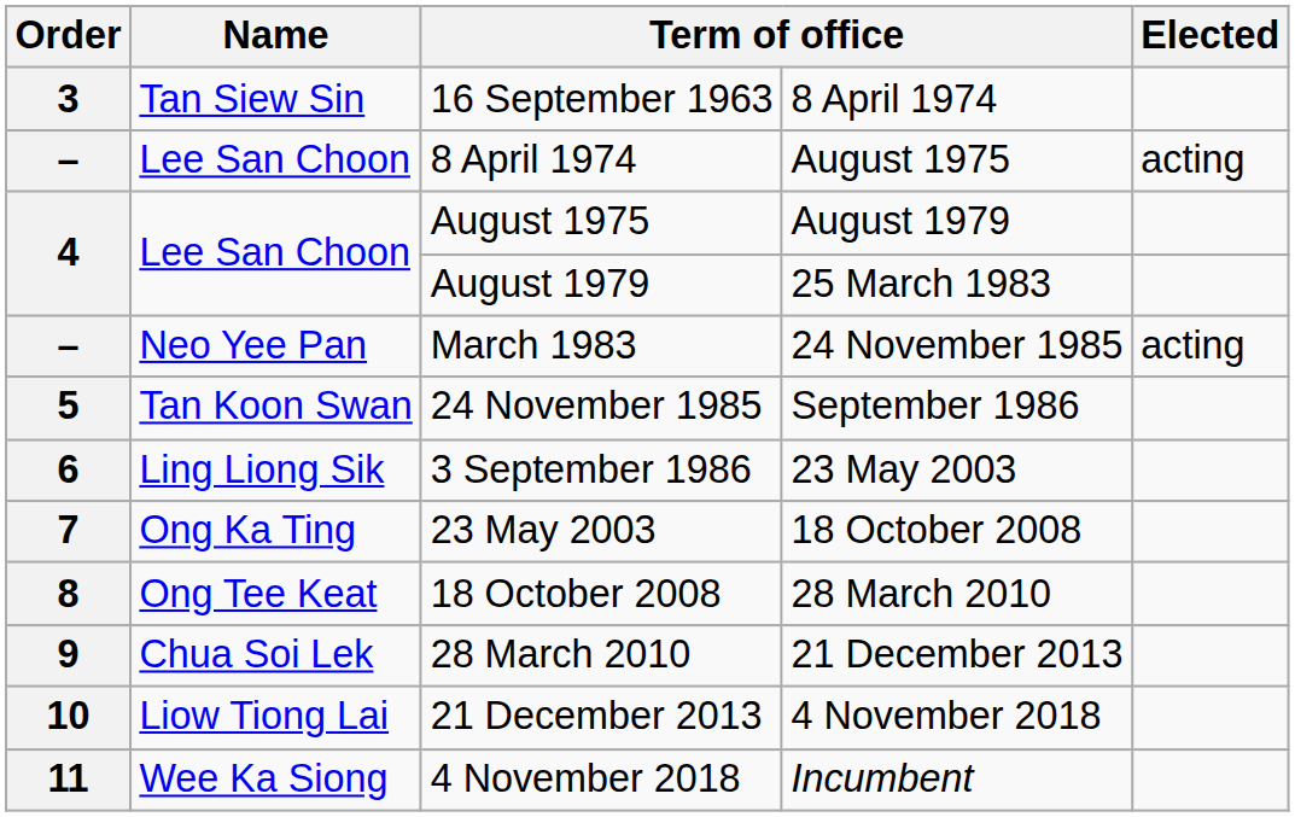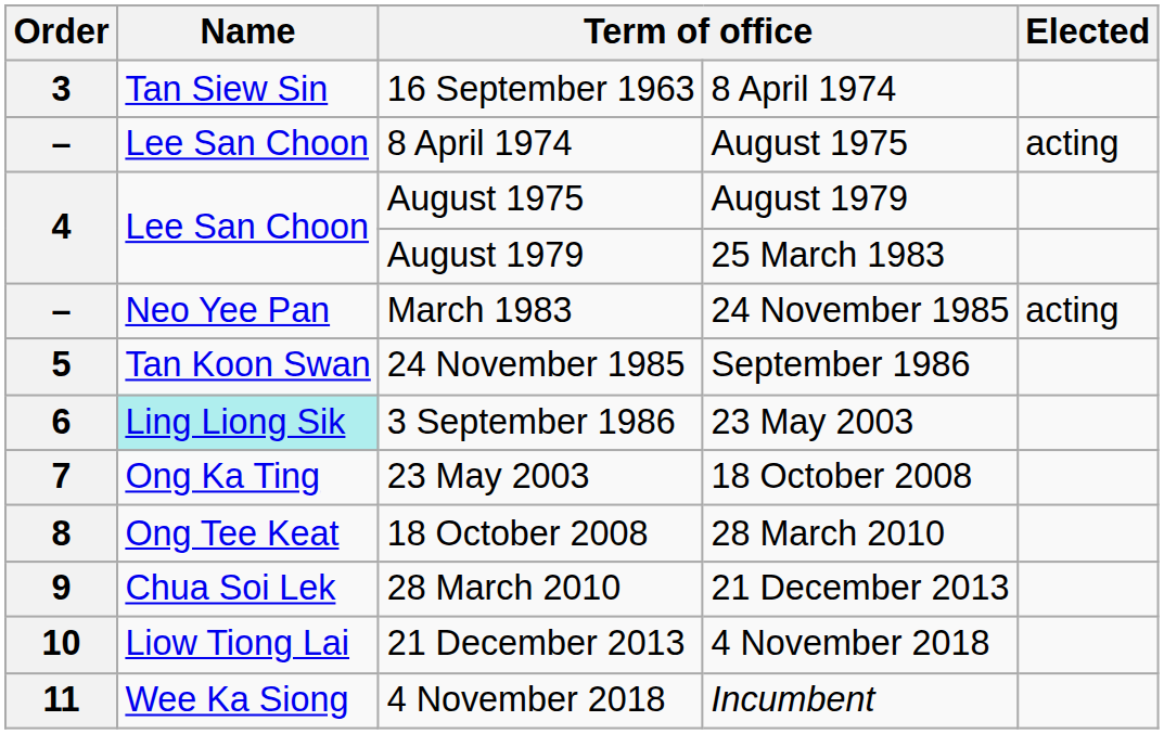 <table class="wikitable">
 <tr>
 <th>Order</th>
 <th>Name</th>
 <th colspan="2">Term of office</th>
 <th>Elected</th>
 </tr>
 <tr>
 <th>3</th>
 <td><a href='#'>Tan Siew Sin</a></td>
 <td>16 September 1963</td>
 <td>8 April 1974</td>
 <td></td>
 </tr>
 <tr>
 <th>–</th>
 <td><a href='#'>Lee San Choon</a></td>
 <td>8 April 1974</td>
 <td>August 1975</td>
 <td>acting</td>
 </tr>
 <tr>
 <th rowspan=2>4</th>
 <td rowspan=2><a href='#'>Lee San Choon</a></td>
 <td>August 1975</td>
 <td>August 1979</td>
 <td></td>
 </tr>
 <tr>
 <td>August 1979</td>
 <td>25 March 1983</td>
 <td></td>
 </tr>
 <tr>
 <th>–</th>
 <td><a href='#'>Neo Yee Pan</a></td>
 <td>March 1983</td>
 <td>24 November 1985</td>
 <td>acting</td>
 </tr>
 <tr>
 <th>5</th>
 <td><a href='#'>Tan Koon Swan</a></td>
 <td>24 November 1985</td>
 <td>September 1986</td>
 <td></td>
 </tr>
 <tr>
 <th>6</th>
-<td><a href='#'>Ling Liong Sik</a></td>
+<td style="background: paleturquoise;"><a href='#'>Ling Liong Sik</a></td>
 <td>3 September 1986</td>
 <td>23 May 2003</td>
 <td></td>
 </tr>
 <tr>
 <th>7</th>
 <td><a href='#'>Ong Ka Ting</a></td>
 <td>23 May 2003</td>
 <td>18 October 2008</td>
 <td></td>
 </tr>
 <tr>
 <th>8</th>
 <td><a href='#'>Ong Tee Keat</a></td>
 <td>18 October 2008</td>
 <td>28 March 2010</td>
 <td></td>
 </tr>
 <tr>
 <th>9</th>
 <td><a href='#'>Chua Soi Lek</a></td>
 <td>28 March 2010</td>
 <td>21 December 2013</td>
 <td></td>
 </tr>
 <tr>
 <th>10</th>
 <td><a href='#'>Liow Tiong Lai</a></td>
 <td>21 December 2013</td>
 <td>4 November 2018</td>
 <td></td>
 </tr>
 <tr>
 <th>11</th>
 <td><a href='#'>Wee Ka Siong</a></td>
 <td>4 November 2018</td>
 <td><em>Incumbent</em></td>
 <td></td>
 </tr>
 </table>
